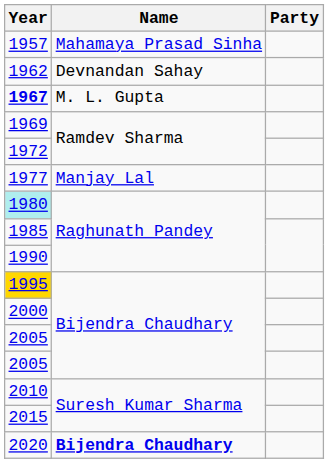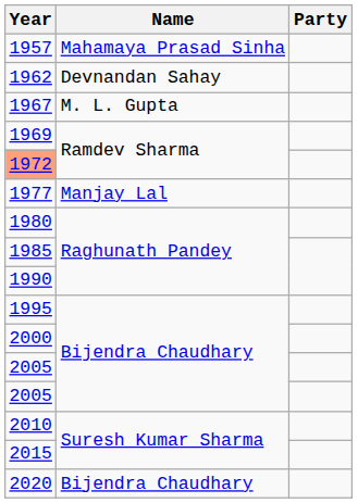 <table class="wikitable sortable">
 <tr>
 <th>Year</th>
 <th>Name</th>
 <th colspan="2">Party</th>
 </tr>
 <tr>
 <td><a href='#'>1957</a></td>
 <td><a href='#'>Mahamaya Prasad Sinha</a></td>
 <td></td>
 </tr>
 <tr>
 <td><a href='#'>1962</a></td>
 <td>Devnandan Sahay</td>
 <td></td>
 </tr>
 <tr>
-<td><strong><a href='#'>1967</a></strong></td>
+<td><a href='#'>1967</a></td>
 <td>M. L. Gupta</td>
 </tr>
 <tr>
 <td><a href='#'>1969</a></td>
 <td rowspan="2">Ramdev Sharma</td>
 <td></td>
 </tr>
 <tr>
-<td><a href='#'>1972</a></td>
+<td style="background: lightsalmon;"><a href='#'>1972</a></td>
 </tr>
 <tr>
 <td><a href='#'>1977</a></td>
 <td><a href='#'>Manjay Lal</a></td>
 <td></td>
 </tr>
 <tr>
-<td style="background: paleturquoise;"><a href='#'>1980</a></td>
+<td><a href='#'>1980</a></td>
 <td rowspan="3"><a href='#'>Raghunath Pandey</a></td>
 <td></td>
 </tr>
 <tr>
 <td><a href='#'>1985</a></td>
 </tr>
 <tr>
 <td><a href='#'>1990</a></td>
 </tr>
 <tr>
-<td style="background: gold;"><a href='#'>1995</a></td>
+<td><a href='#'>1995</a></td>
 <td rowspan="4"><a href='#'>Bijendra Chaudhary</a></td>
 <td></td>
 </tr>
 <tr>
 <td><a href='#'>2000</a></td>
 <td></td>
 </tr>
 <tr>
 <td><a href='#'>2005</a></td>
 <td></td>
 </tr>
 <tr>
 <td><a href='#'>2005</a></td>
 </tr>
 <tr>
 <td><a href='#'>2010</a></td>
 <td rowspan="2"><a href='#'>Suresh Kumar Sharma</a></td>
 <td></td>
 </tr>
 <tr>
 <td><a href='#'>2015</a></td>
 </tr>
 <tr>
 <td><a href='#'>2020</a></td>
-<td><strong><a href='#'>Bijendra Chaudhary</a></strong></td>
+<td><a href='#'>Bijendra Chaudhary</a></td>
 <td></td>
 </tr>
 </table>
